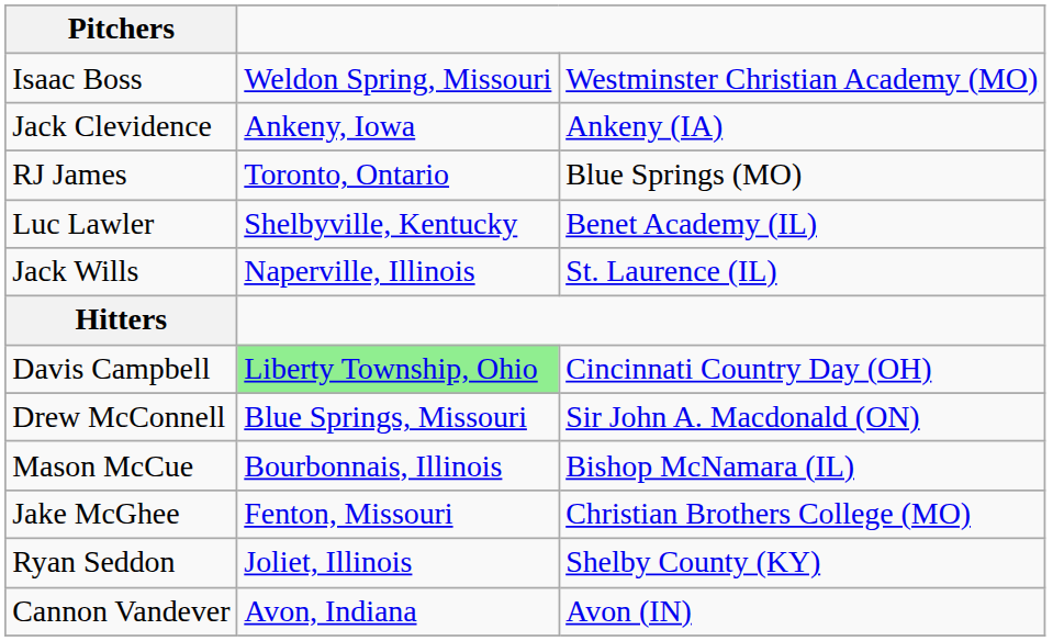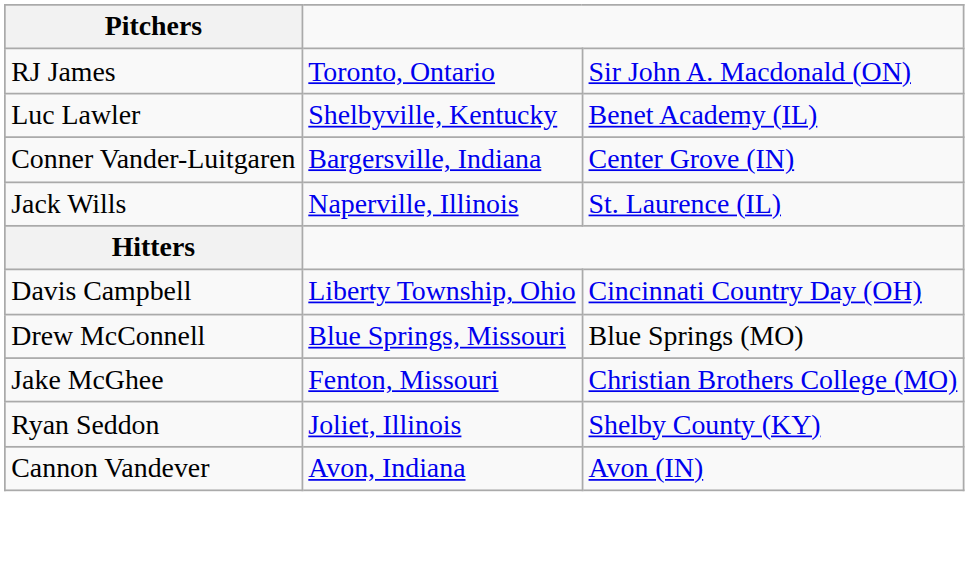 <table class="wikitable">
 <tr>
 <th>Pitchers</th>
 </tr>
 <tr>
-<td>Isaac Boss</td>
-<td><a href='#'>Weldon Spring, Missouri</a></td>
-<td><a href='#'>Westminster Christian Academy (MO)</a></td>
-</tr>
-<tr>
-<td>Jack Clevidence</td>
-<td><a href='#'>Ankeny, Iowa</a></td>
-<td><a href='#'>Ankeny (IA)</a></td>
-</tr>
-<tr>
 <td>RJ James</td>
 <td><a href='#'>Toronto, Ontario</a></td>
-<td>Blue Springs (MO)</td>
+<td><a href='#'>Sir John A. Macdonald (ON)</a></td>
 </tr>
 <tr>
 <td>Luc Lawler</td>
 <td><a href='#'>Shelbyville, Kentucky</a></td>
 <td><a href='#'>Benet Academy (IL)</a></td>
+</tr>
+<tr>
+<td>Conner Vander-Luitgaren</td>
+<td><a href='#'>Bargersville, Indiana</a></td>
+<td><a href='#'>Center Grove (IN)</a></td>
 </tr>
 <tr>
 <td>Jack Wills</td>
 <td><a href='#'>Naperville, Illinois</a></td>
 <td><a href='#'>St. Laurence (IL)</a></td>
 </tr>
 <tr>
 <th>Hitters</th>
 </tr>
 <tr>
 <td>Davis Campbell</td>
-<td style="background: lightgreen;"><a href='#'>Liberty Township, Ohio</a></td>
+<td><a href='#'>Liberty Township, Ohio</a></td>
 <td><a href='#'>Cincinnati Country Day (OH)</a></td>
 </tr>
 <tr>
 <td>Drew McConnell</td>
 <td><a href='#'>Blue Springs, Missouri</a></td>
-<td><a href='#'>Sir John A. Macdonald (ON)</a></td>
-</tr>
-<tr>
-<td>Mason McCue</td>
-<td><a href='#'>Bourbonnais, Illinois</a></td>
-<td><a href='#'>Bishop McNamara (IL)</a></td>
+<td>Blue Springs (MO)</td>
 </tr>
 <tr>
 <td>Jake McGhee</td>
 <td><a href='#'>Fenton, Missouri</a></td>
 <td><a href='#'>Christian Brothers College (MO)</a></td>
 </tr>
 <tr>
 <td>Ryan Seddon</td>
 <td><a href='#'>Joliet, Illinois</a></td>
 <td><a href='#'>Shelby County (KY)</a></td>
 </tr>
 <tr>
 <td>Cannon Vandever</td>
 <td><a href='#'>Avon, Indiana</a></td>
 <td><a href='#'>Avon (IN)</a></td>
 </tr>
 </table>
